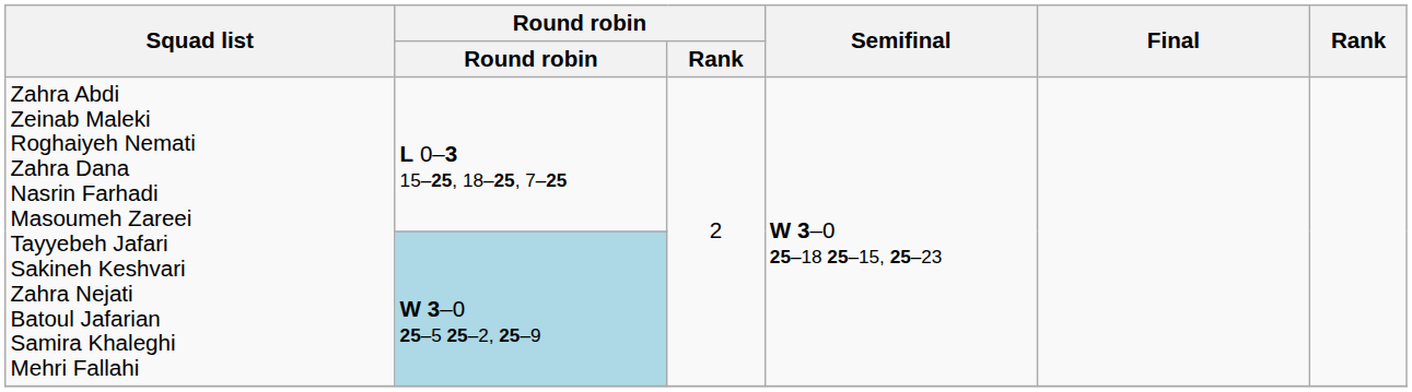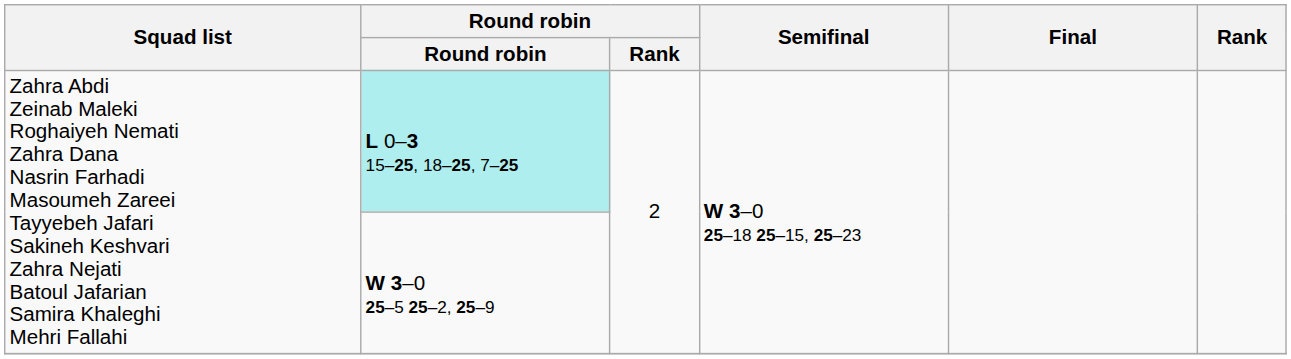 <table class="wikitable" width="71%" style="text-align:left; font-size:90%">
 <tr>
 <th rowspan="2" width="20%">Squad list</th>
 <th colspan="2">Round robin</th>
 <th rowspan="2" width="14%">Semifinal</th>
 <th rowspan="2" width="14%">Final</th>
 <th rowspan="2" width="5%">Rank</th>
 </tr>
 <tr>
 <th width="14%">Round robin</th>
 <th width="5%">Rank</th>
 </tr>
 <tr>
 <td rowspan="2">Zahra Abdi<br>Zeinab Maleki<br>Roghaiyeh Nemati<br>Zahra Dana<br>Nasrin Farhadi<br>Masoumeh Zareei<br>Tayyebeh Jafari<br>Sakineh Keshvari<br>Zahra Nejati<br>Batoul Jafarian<br>Samira Khaleghi<br>Mehri Fallahi</td>
-<td><br><strong>L</strong> 0–<strong>3</strong><br><small>15–<strong>25</strong>, 18–<strong>25</strong>, 7–<strong>25</strong></small></td>
+<td style="background: paleturquoise;"><br><strong>L</strong> 0–<strong>3</strong><br><small>15–<strong>25</strong>, 18–<strong>25</strong>, 7–<strong>25</strong></small></td>
 <td rowspan="2" align=center>2 <strong></strong></td>
 <td rowspan="2"><br><strong>W</strong> <strong>3</strong>–0<br><small><strong>25</strong>–18 <strong>25</strong>–15, <strong>25</strong>–23</small></td>
 <td rowspan="2"></td>
 <td rowspan="2" align="center"></td>
 </tr>
 <tr>
-<td style="background: lightblue;"><br><strong>W</strong> <strong>3</strong>–0<br><small><strong>25</strong>–5 <strong>25</strong>–2, <strong>25</strong>–9</small></td>
+<td><br><strong>W</strong> <strong>3</strong>–0<br><small><strong>25</strong>–5 <strong>25</strong>–2, <strong>25</strong>–9</small></td>
 </tr>
 <tr>
 </tr>
 </table>
